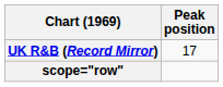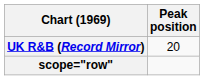 <table class="wikitable sortable plainrowheaders">
 <tr>
 <th>Chart (1969)</th>
 <th>Peak<br>position</th>
 </tr>
 <tr>
 <th scope="row"><a href='#'>UK R&B</a> (<em><a href='#'>Record Mirror</a></em>)</th>
-<td align="center">17</td>
+<td align="center">20</td>
 </tr>
 <tr>
 <th>scope="row"  </th>
 </tr>
 </table>
